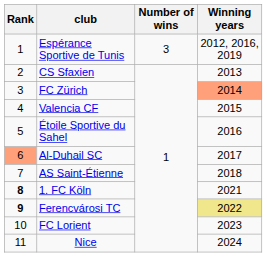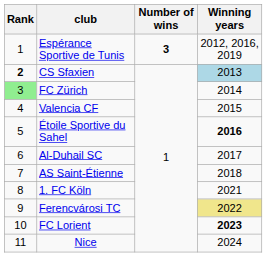 <table class="wikitable" style="text-align: center; width:60%">
 <tr>
 <th>Rank</th>
 <th>club</th>
 <th>Number of wins</th>
 <th>Winning years</th>
 </tr>
 <tr>
 <td>1</td>
 <td align="left"> <a href='#'>Espérance Sportive de Tunis</a></td>
-<td>3</td>
+<td><strong>3</strong></td>
 <td>2012, 2016, 2019</td>
 </tr>
 <tr>
-<td>2</td>
+<td><strong>2</strong></td>
 <td align="left"> <a href='#'>CS Sfaxien</a></td>
 <td rowspan="10">1</td>
-<td>2013</td>
+<td style="background: lightblue;">2013</td>
 </tr>
 <tr>
-<td>3</td>
+<td style="background: lightgreen;">3</td>
 <td align="left"> <a href='#'>FC Zürich</a></td>
-<td style="background: lightsalmon;">2014</td>
+<td>2014</td>
 </tr>
 <tr>
 <td>4</td>
 <td align="left"> <a href='#'>Valencia CF</a></td>
 <td>2015</td>
 </tr>
 <tr>
 <td>5</td>
 <td align="left"> <a href='#'>Étoile Sportive du Sahel</a></td>
-<td>2016</td>
+<td><strong>2016</strong></td>
 </tr>
 <tr>
-<td style="background: lightsalmon;">6</td>
+<td>6</td>
 <td align="left"> <a href='#'>Al-Duhail SC</a></td>
 <td>2017</td>
 </tr>
 <tr>
 <td>7</td>
 <td align="left"> <a href='#'>AS Saint-Étienne</a></td>
 <td>2018</td>
 </tr>
 <tr>
-<td><strong>8</strong></td>
+<td>8</td>
 <td align="left"> <a href='#'>1. FC Köln</a></td>
 <td>2021</td>
 </tr>
 <tr>
-<td><strong>9</strong></td>
+<td>9</td>
 <td align="left"> <a href='#'>Ferencvárosi TC</a></td>
 <td style="background: khaki;">2022</td>
 </tr>
 <tr>
 <td>10</td>
 <td align="left"> <a href='#'>FC Lorient</a></td>
-<td>2023</td>
+<td><strong>2023</strong></td>
 </tr>
 <tr>
 <td>11</td>
 <td> <a href='#'>Nice</a></td>
 <td>2024</td>
 </tr>
 </table>
